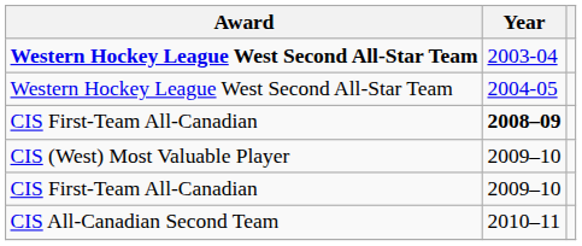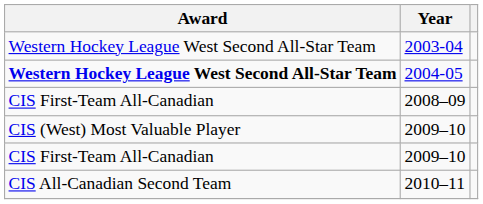 <table class="wikitable">
 <tr>
 <th>Award</th>
 <th>Year</th>
 <th></th>
 </tr>
 <tr>
-<td><strong><a href='#'>Western Hockey League</a> West Second All-Star Team</strong></td>
+<td><a href='#'>Western Hockey League</a> West Second All-Star Team</td>
 <td><a href='#'>2003-04</a></td>
 <td></td>
 </tr>
 <tr>
-<td><a href='#'>Western Hockey League</a> West Second All-Star Team</td>
+<td><strong><a href='#'>Western Hockey League</a> West Second All-Star Team</strong></td>
 <td><a href='#'>2004-05</a></td>
 <td></td>
 </tr>
 <tr>
 <td><a href='#'>CIS</a> First-Team All-Canadian</td>
-<td><strong>2008–09</strong></td>
+<td>2008–09</td>
 <td></td>
 </tr>
 <tr>
 <td><a href='#'>CIS</a> (West) Most Valuable Player</td>
 <td>2009–10</td>
 <td></td>
 </tr>
 <tr>
 <td><a href='#'>CIS</a> First-Team All-Canadian</td>
 <td>2009–10</td>
 <td></td>
 </tr>
 <tr>
 <td><a href='#'>CIS</a> All-Canadian Second Team</td>
 <td>2010–11</td>
 <td></td>
 </tr>
 <tr>
 </tr>
 </table>
